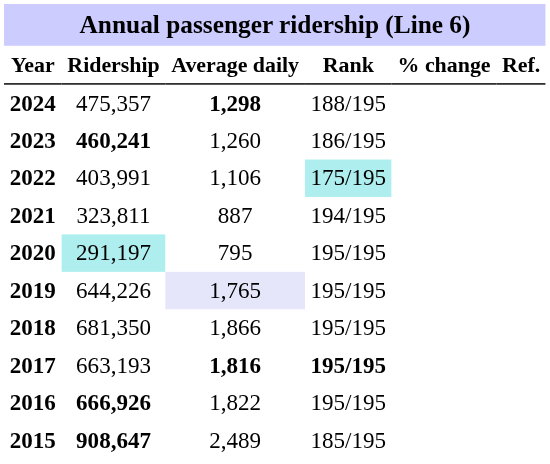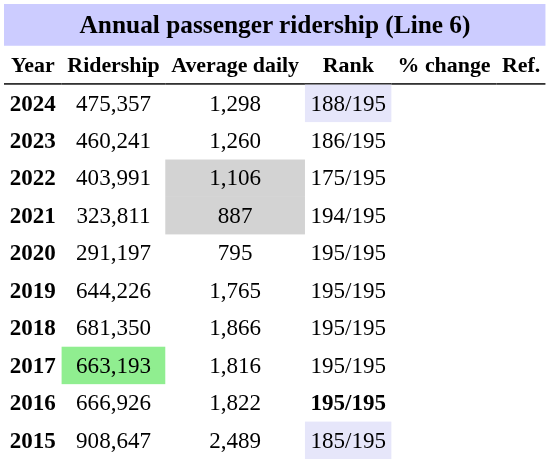 <table class="toccolours" cellpadding="4" cellspacing="0" style="text-align:right;">
 <tr>
 <th colspan="6"  style="background-color:#ccf; background-color:#ccf; font-size:110%; text-align:center;">Annual passenger ridership (Line 6)</th>
 </tr>
 <tr style="font-size:95%; text-align:center">
 <th style="border-bottom:1px solid black">Year</th>
 <th style="border-bottom:1px solid black">Ridership</th>
 <th style="border-bottom:1px solid black">Average daily</th>
 <th style="border-bottom:1px solid black">Rank</th>
 <th style="border-bottom:1px solid black">% change</th>
 <th style="border-bottom:1px solid black">Ref.</th>
 </tr>
 <tr style="text-align:center;">
 <td><strong>2024</strong></td>
 <td>475,357</td>
-<td><strong>1,298</strong></td>
-<td>188/195</td>
+<td>1,298</td>
+<td style="background: lavender;">188/195</td>
 <td></td>
 <td></td>
 </tr>
 <tr style="text-align:center;">
 <td><strong>2023</strong></td>
-<td><strong>460,241</strong></td>
+<td>460,241</td>
 <td>1,260</td>
 <td>186/195</td>
 <td></td>
 <td></td>
 </tr>
 <tr style="text-align:center;">
 <td><strong>2022</strong></td>
 <td>403,991</td>
-<td>1,106</td>
-<td style="background: paleturquoise;">175/195</td>
+<td style="background: lightgrey;">1,106</td>
+<td>175/195</td>
 <td></td>
 <td></td>
 </tr>
 <tr style="text-align:center;">
 <td><strong>2021</strong></td>
 <td>323,811</td>
-<td>887</td>
+<td style="background: lightgrey;">887</td>
 <td>194/195</td>
 <td></td>
 <td></td>
 </tr>
 <tr style="text-align:center;">
 <td><strong>2020</strong></td>
-<td style="background: paleturquoise;">291,197</td>
+<td>291,197</td>
 <td>795</td>
 <td>195/195</td>
 <td></td>
 <td></td>
 </tr>
 <tr style="text-align:center;">
 <td><strong>2019</strong></td>
 <td>644,226</td>
-<td style="background: lavender;">1,765</td>
+<td>1,765</td>
 <td>195/195</td>
 <td></td>
 <td></td>
 </tr>
 <tr style="text-align:center;">
 <td><strong>2018</strong></td>
 <td>681,350</td>
 <td>1,866</td>
 <td>195/195</td>
 <td></td>
 <td></td>
 </tr>
 <tr style="text-align:center;">
 <td><strong>2017</strong></td>
-<td>663,193</td>
-<td><strong>1,816</strong></td>
+<td style="background: lightgreen;">663,193</td>
+<td>1,816</td>
+<td>195/195</td>
+<td></td>
+<td></td>
+</tr>
+<tr style="text-align:center;">
+<td><strong>2016</strong></td>
+<td>666,926</td>
+<td>1,822</td>
 <td><strong>195/195</strong></td>
 <td></td>
 <td></td>
 </tr>
 <tr style="text-align:center;">
-<td><strong>2016</strong></td>
-<td><strong>666,926</strong></td>
-<td>1,822</td>
-<td>195/195</td>
-<td></td>
-<td></td>
-</tr>
-<tr style="text-align:center;">
 <td><strong>2015</strong></td>
-<td><strong>908,647</strong></td>
+<td>908,647</td>
 <td>2,489</td>
-<td>185/195</td>
+<td style="background: lavender;">185/195</td>
 <td></td>
 <td></td>
 </tr>
 </table>
